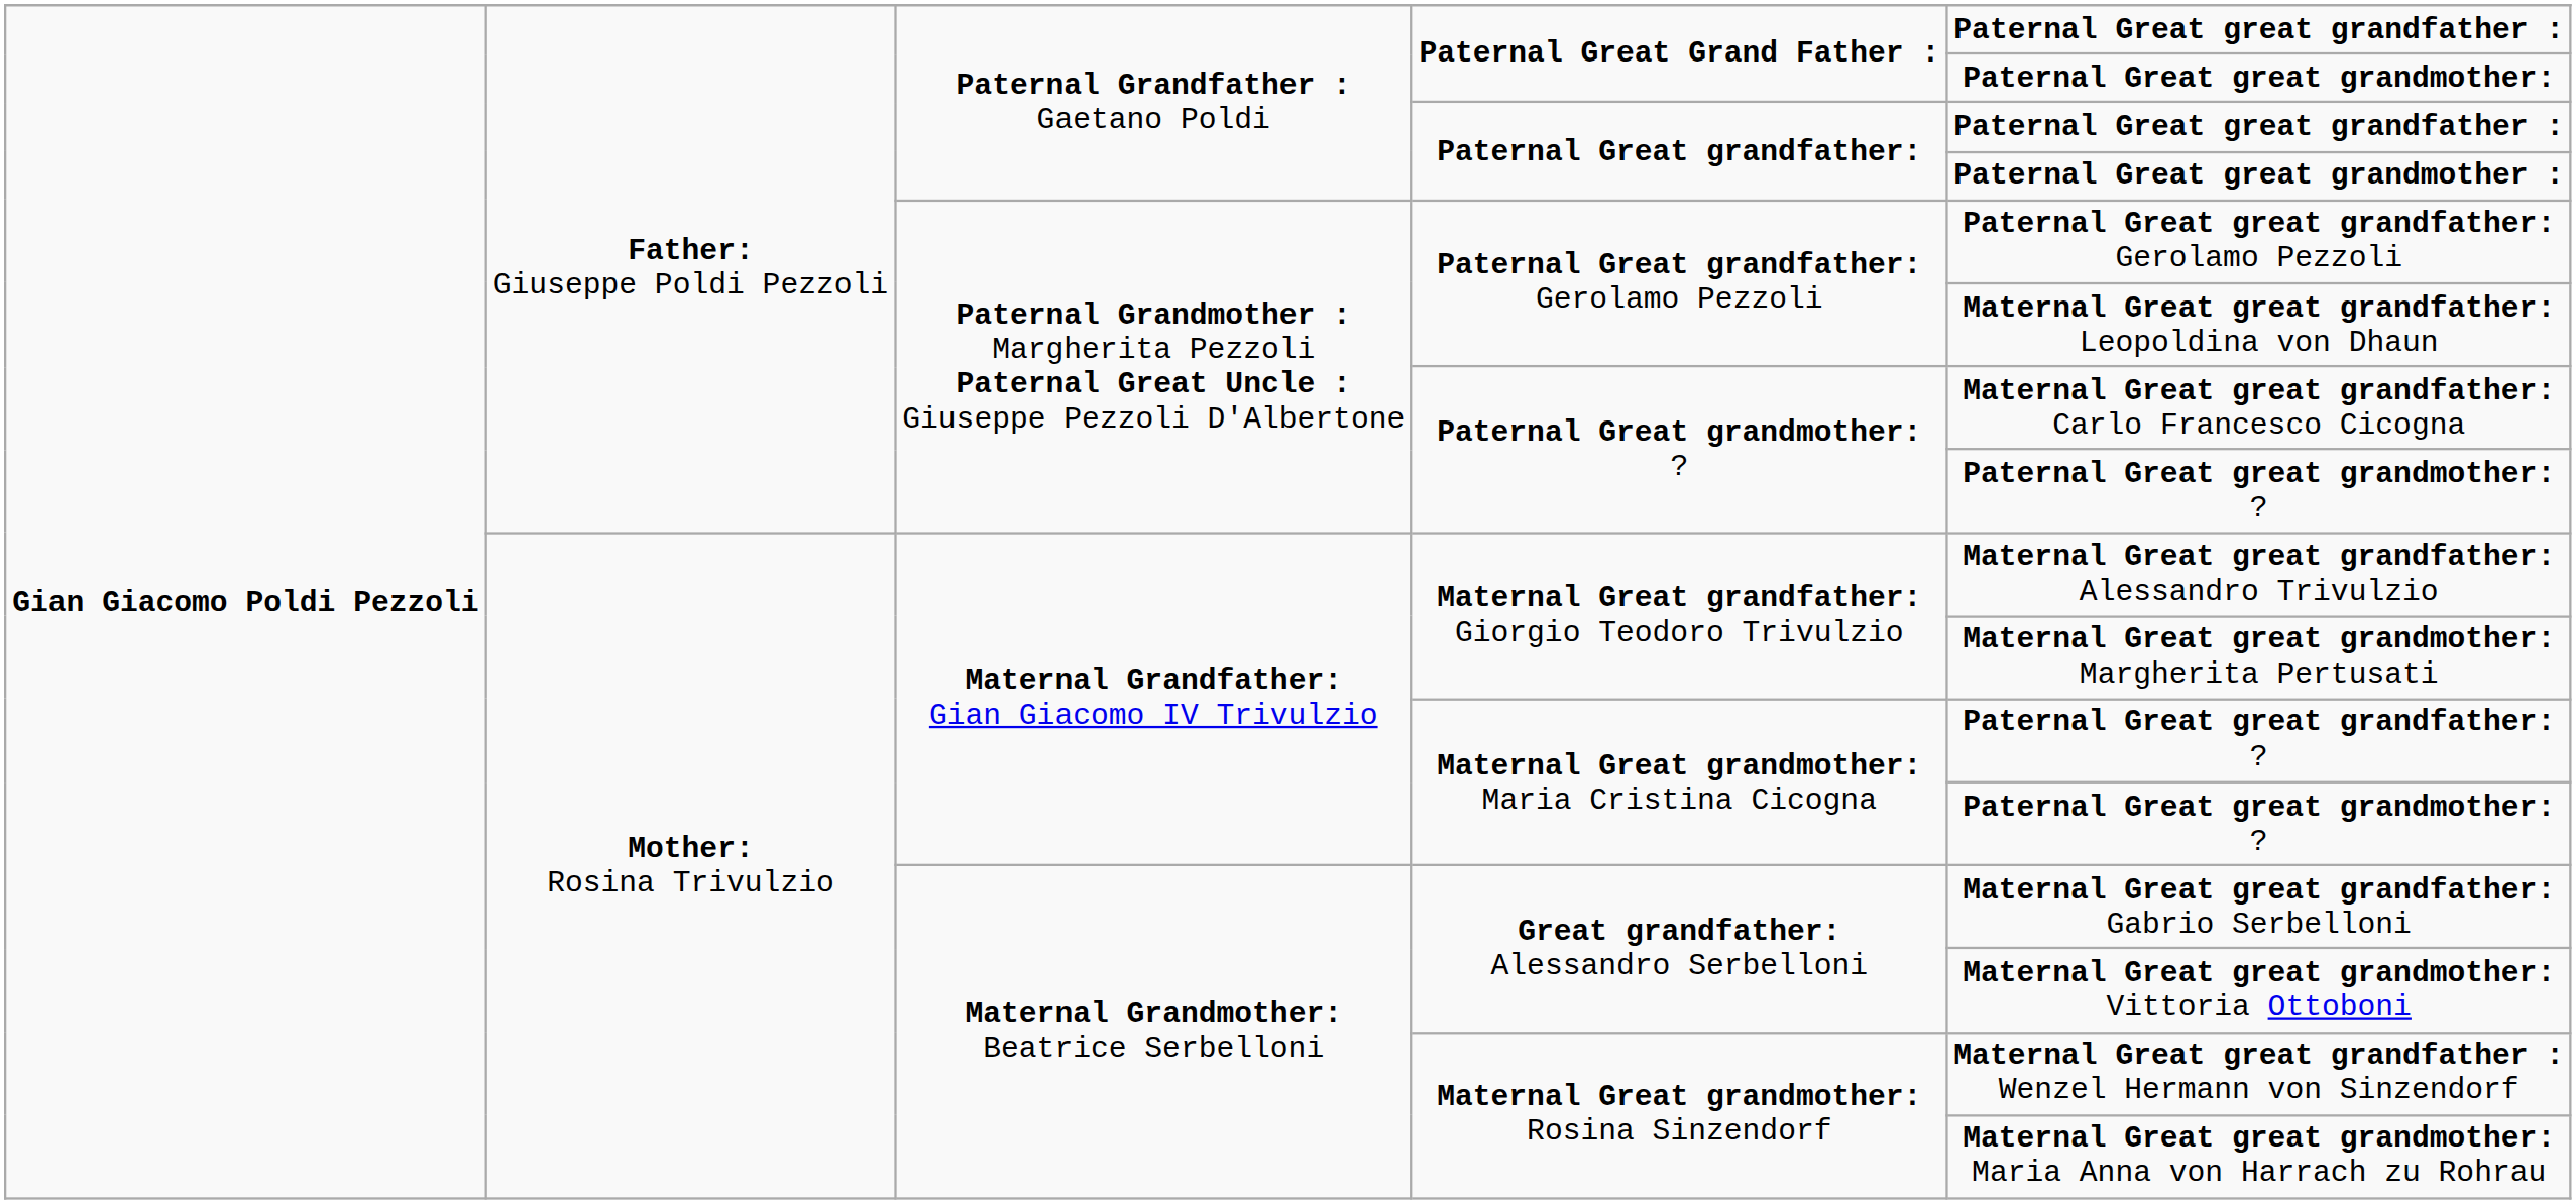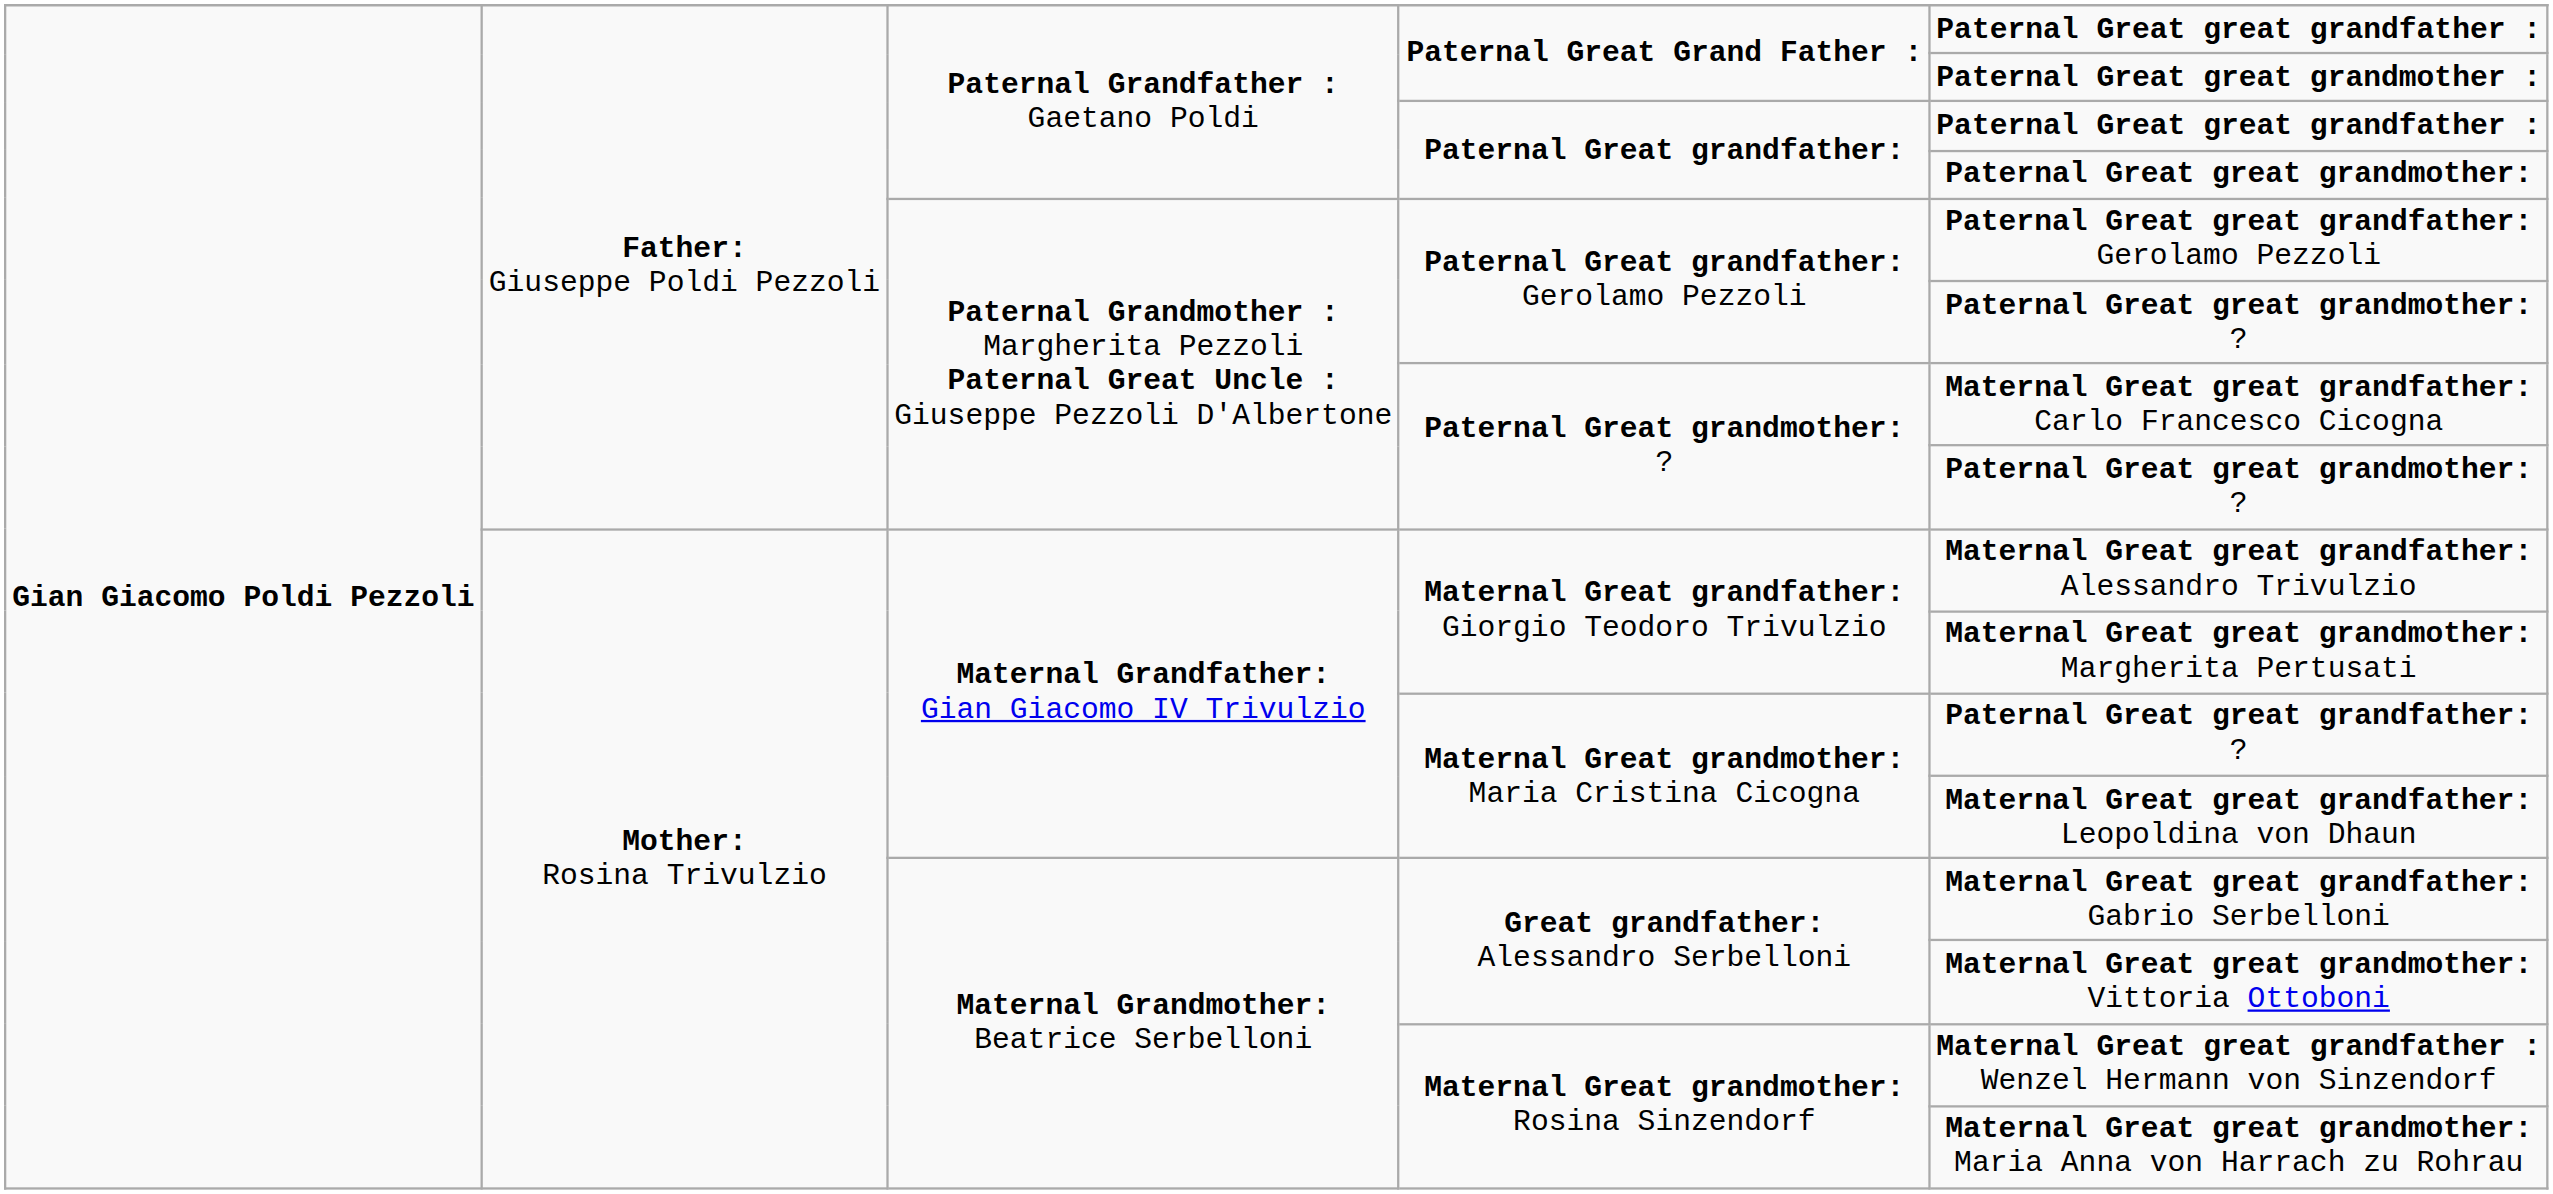 <table class="wikitable">
 <tr>
 </tr>
 <tr>
 <td rowspan="16" align="center"><strong>Gian Giacomo Poldi Pezzoli</strong></td>
 <td rowspan="8" align="center"><strong>Father:</strong><br>Giuseppe Poldi Pezzoli</td>
 <td rowspan="4" align="center"><strong> Paternal Grandfather :</strong><br>Gaetano Poldi</td>
 <td rowspan="2" align="center"><strong> Paternal Great Grand Father :</strong><br></td>
 <td align="center"><strong>Paternal Great great grandfather :</strong><br></td>
 </tr>
 <tr>
-<td align="center"><strong> Paternal Great great grandmother:</strong><br></td>
+<td align="center"><strong>Paternal Great great grandmother :</strong><br></td>
 </tr>
 <tr>
 <td rowspan="2" align="center"><strong> Paternal Great grandfather:</strong><br></td>
 <td align="center"><strong>Paternal Great great grandfather :</strong><br></td>
 </tr>
 <tr>
-<td align="center"><strong>Paternal Great great grandmother :</strong><br></td>
+<td align="center"><strong> Paternal Great great grandmother:</strong><br></td>
 </tr>
 <tr>
 <td rowspan="4" align="center"><strong>Paternal Grandmother :</strong><br>Margherita Pezzoli<br><strong>Paternal Great Uncle :</strong><br>Giuseppe Pezzoli D'Albertone</td>
 <td rowspan="2" align="center"><strong>Paternal Great grandfather:</strong><br>Gerolamo Pezzoli</td>
 <td align="center"><strong>Paternal Great great grandfather:</strong><br>Gerolamo Pezzoli</td>
 </tr>
 <tr>
-<td align="center"><strong>Maternal Great great grandfather:</strong><br>Leopoldina von Dhaun</td>
+<td align="center"><strong>Paternal Great great grandmother:</strong><br>?</td>
 </tr>
 <tr>
 <td rowspan="2" align="center"><strong>Paternal Great grandmother:</strong><br>?</td>
 <td align="center"><strong>Maternal Great great grandfather:</strong><br>Carlo Francesco Cicogna</td>
 </tr>
 <tr>
 <td align="center"><strong>Paternal Great great grandmother:</strong><br>?</td>
 </tr>
 <tr>
 <td rowspan="8" align="center"><strong>Mother:</strong><br>Rosina Trivulzio</td>
 <td rowspan="4" align="center"><strong>Maternal Grandfather:</strong><br><a href='#'>Gian Giacomo IV Trivulzio</a></td>
 <td rowspan="2" align="center"><strong>Maternal Great grandfather:</strong><br>Giorgio Teodoro Trivulzio</td>
 <td align="center"><strong>Maternal Great great grandfather:</strong><br>Alessandro Trivulzio</td>
 </tr>
 <tr>
 <td align="center"><strong>Maternal Great great grandmother:</strong><br>Margherita Pertusati</td>
 </tr>
 <tr>
 <td rowspan="2" align="center"><strong>Maternal Great grandmother:</strong><br>Maria Cristina Cicogna</td>
 <td align="center"><strong>Paternal Great great grandfather:</strong><br>?</td>
 </tr>
 <tr>
-<td align="center"><strong>Paternal Great great grandmother:</strong><br>?</td>
+<td align="center"><strong>Maternal Great great grandfather:</strong><br>Leopoldina von Dhaun</td>
 </tr>
 <tr>
 <td rowspan="4" align="center"><strong>Maternal Grandmother:</strong><br>Beatrice Serbelloni</td>
 <td rowspan="2" align="center"><strong>Great grandfather:</strong><br>Alessandro Serbelloni</td>
 <td align="center"><strong>Maternal Great great grandfather:</strong><br>Gabrio Serbelloni</td>
 </tr>
 <tr>
 <td align="center"><strong>Maternal Great great grandmother:</strong><br>Vittoria <a href='#'>Ottoboni</a></td>
 </tr>
 <tr>
 <td rowspan="2" align="center"><strong>Maternal Great grandmother:</strong><br>Rosina Sinzendorf</td>
 <td align="center"><strong>Maternal Great great grandfather :</strong><br>Wenzel Hermann von Sinzendorf</td>
 </tr>
 <tr>
 <td align="center"><strong>Maternal Great great grandmother:</strong><br>Maria Anna von Harrach zu Rohrau</td>
 </tr>
 </table>
